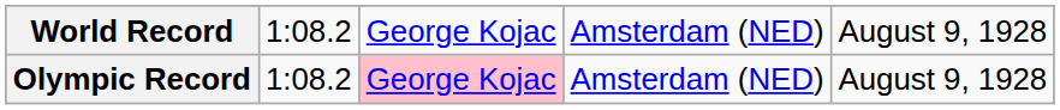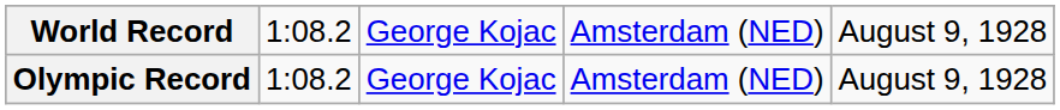 <table class="wikitable" style="font-size:95%;">
 <tr>
 <th>World Record</th>
 <td>1:08.2</td>
 <td> <a href='#'>George Kojac</a></td>
 <td><a href='#'>Amsterdam</a> (<a href='#'>NED</a>)</td>
 <td>August 9, 1928</td>
 </tr>
 <tr>
 <th>Olympic Record</th>
 <td>1:08.2</td>
-<td style="background: pink;"> <a href='#'>George Kojac</a></td>
+<td> <a href='#'>George Kojac</a></td>
 <td><a href='#'>Amsterdam</a> (<a href='#'>NED</a>)</td>
 <td>August 9, 1928</td>
 </tr>
 </table>
